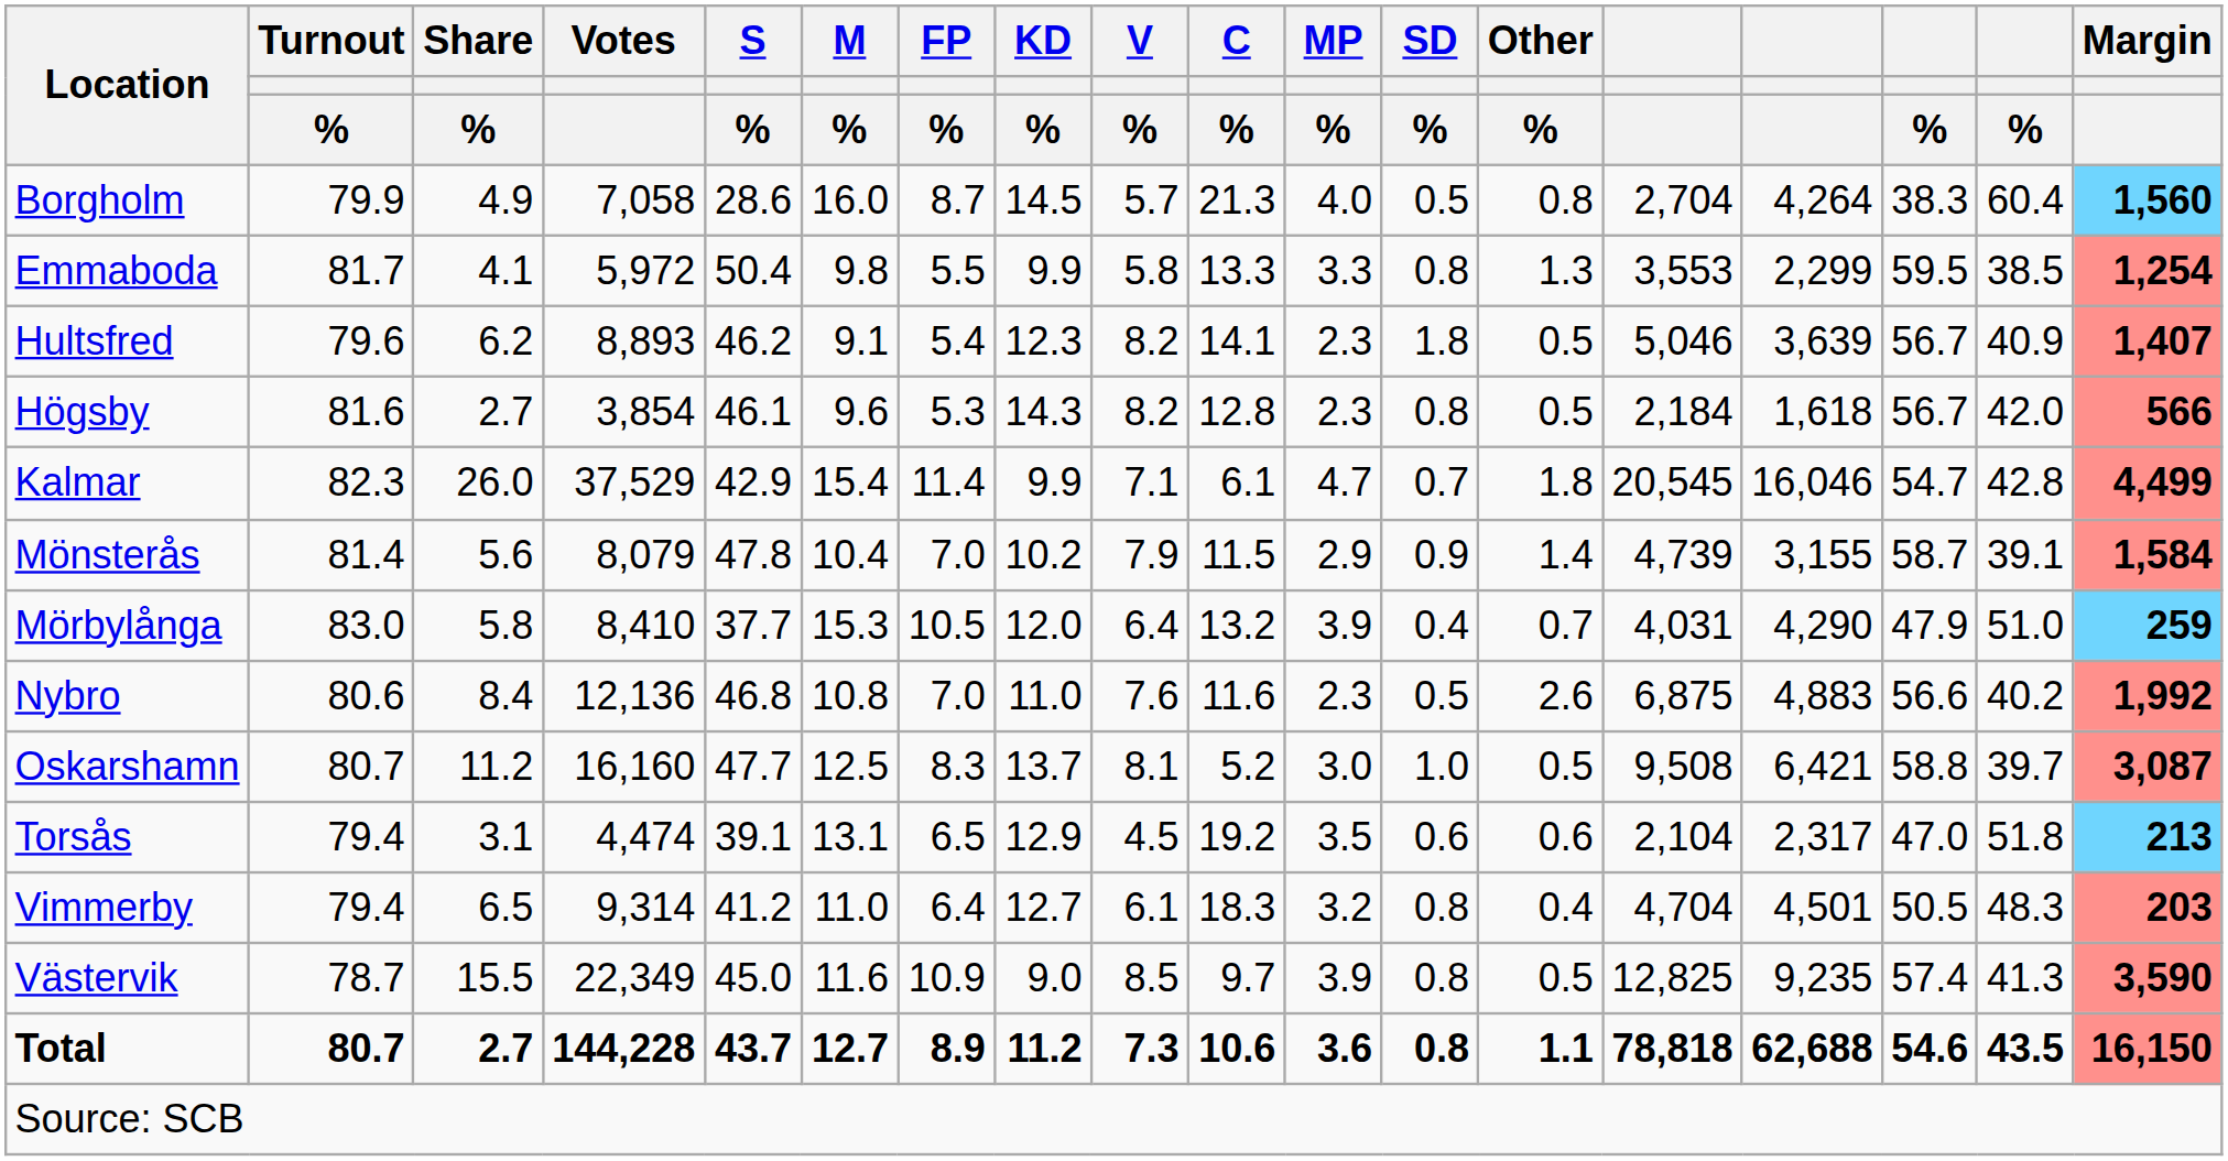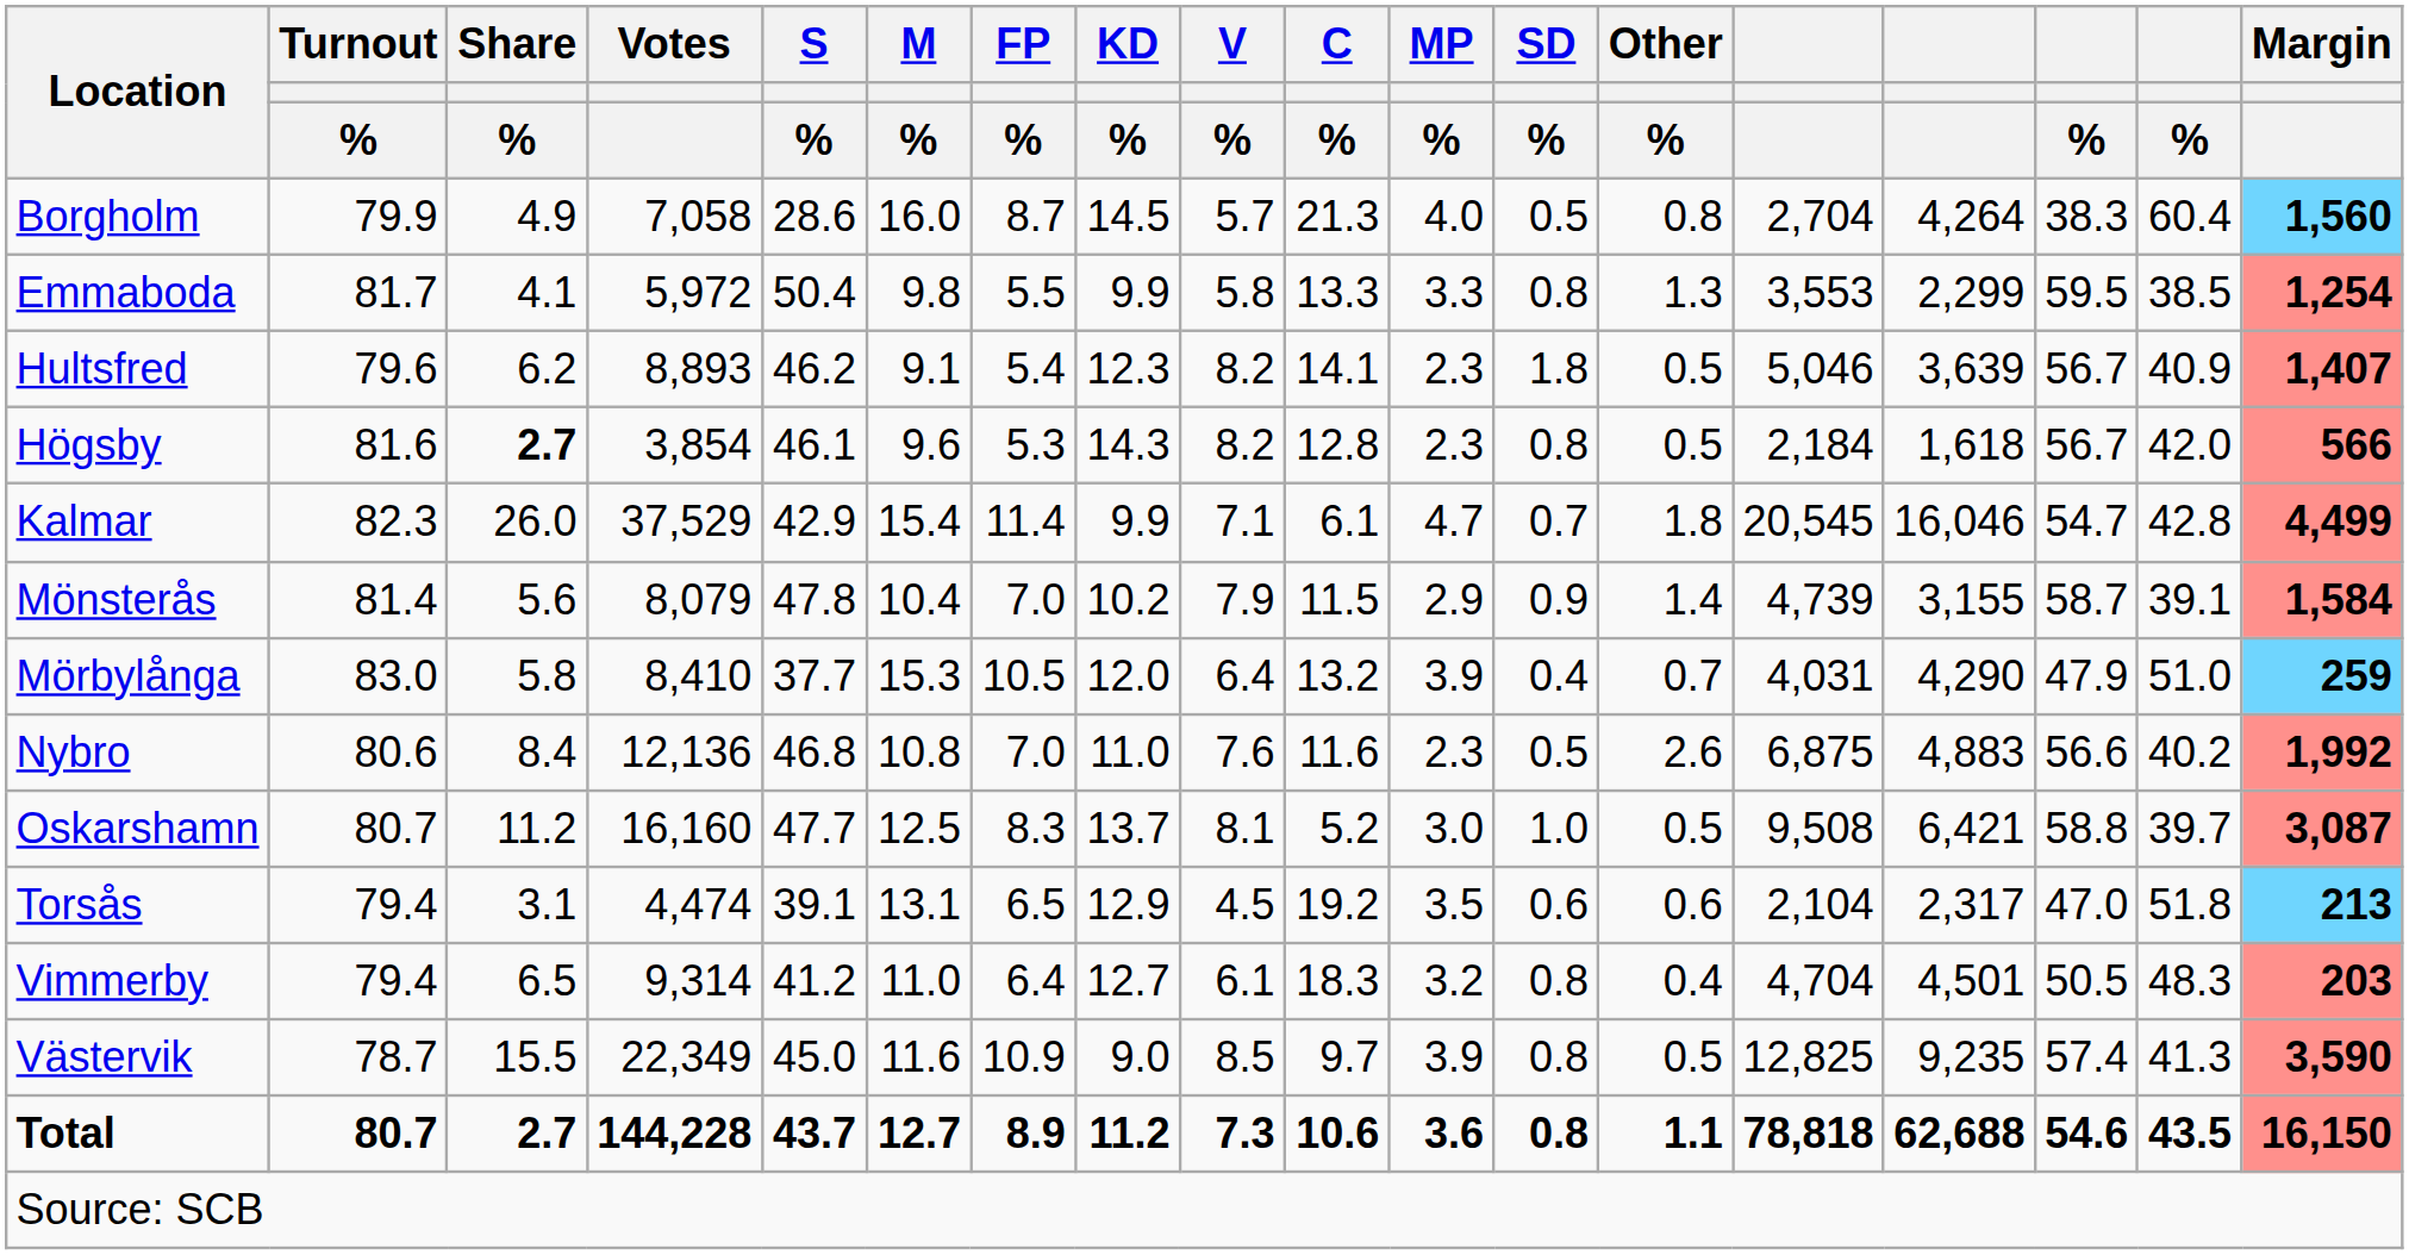 <table class="wikitable sortable" style="text-align:right; font-size:95%; line-height:20px;">
 <tr>
 <th rowspan="3">Location</th>
 <th>Turnout</th>
 <th>Share</th>
 <th>Votes</th>
 <th width="30px" class="unsortable"><a href='#'>S</a></th>
 <th width="30px" class="unsortable"><a href='#'>M</a></th>
 <th width="30px" class="unsortable"><a href='#'>FP</a></th>
 <th width="30px" class="unsortable"><a href='#'>KD</a></th>
 <th width="30px" class="unsortable"><a href='#'>V</a></th>
 <th width="30px" class="unsortable"><a href='#'>C</a></th>
 <th width="30px" class="unsortable"><a href='#'>MP</a></th>
 <th width="30px" class="unsortable"><a href='#'>SD</a></th>
 <th width="30px" class="unsortable">Other</th>
 <th></th>
 <th></th>
 <th></th>
 <th></th>
 <th>Margin</th>
 </tr>
 <tr>
 <th></th>
 <th></th>
 <th></th>
 <th style="background:"></th>
 <th style="background:"></th>
 <th style="background:"></th>
 <th style="background:"></th>
 <th style="background:"></th>
 <th style="background:"></th>
 <th style="background:"></th>
 <th style="background:"></th>
 <th style="background:"></th>
 <th style="background:"></th>
 <th style="background:"></th>
 <th style="background:"></th>
 <th style="background:"></th>
 <th></th>
 </tr>
 <tr>
 <th data-sort-type="number">%</th>
 <th data-sort-type="number">%</th>
 <th></th>
 <th data-sort-type="number">%</th>
 <th data-sort-type="number">%</th>
 <th data-sort-type="number">%</th>
 <th data-sort-type="number">%</th>
 <th data-sort-type="number">%</th>
 <th data-sort-type="number">%</th>
 <th data-sort-type="number">%</th>
 <th data-sort-type="number">%</th>
 <th data-sort-type="number">%</th>
 <th data-sort-type="number"></th>
 <th data-sort-type="number"></th>
 <th data-sort-type="number">%</th>
 <th data-sort-type="number">%</th>
 <th data-sort-type="number"></th>
 </tr>
 <tr>
 <td align=left><a href='#'>Borgholm</a></td>
 <td>79.9</td>
 <td>4.9</td>
 <td>7,058</td>
 <td>28.6</td>
 <td>16.0</td>
 <td>8.7</td>
 <td>14.5</td>
 <td>5.7</td>
 <td>21.3</td>
 <td>4.0</td>
 <td>0.5</td>
 <td>0.8</td>
 <td>2,704</td>
 <td>4,264</td>
 <td>38.3</td>
 <td>60.4</td>
 <td bgcolor=#6fd5fe><strong>1,560</strong></td>
 </tr>
 <tr>
 <td align=left><a href='#'>Emmaboda</a></td>
 <td>81.7</td>
 <td>4.1</td>
 <td>5,972</td>
 <td>50.4</td>
 <td>9.8</td>
 <td>5.5</td>
 <td>9.9</td>
 <td>5.8</td>
 <td>13.3</td>
 <td>3.3</td>
 <td>0.8</td>
 <td>1.3</td>
 <td>3,553</td>
 <td>2,299</td>
 <td>59.5</td>
 <td>38.5</td>
 <td bgcolor=#ff908c><strong>1,254</strong></td>
 </tr>
 <tr>
 <td align=left><a href='#'>Hultsfred</a></td>
 <td>79.6</td>
 <td>6.2</td>
 <td>8,893</td>
 <td>46.2</td>
 <td>9.1</td>
 <td>5.4</td>
 <td>12.3</td>
 <td>8.2</td>
 <td>14.1</td>
 <td>2.3</td>
 <td>1.8</td>
 <td>0.5</td>
 <td>5,046</td>
 <td>3,639</td>
 <td>56.7</td>
 <td>40.9</td>
 <td bgcolor=#ff908c><strong>1,407</strong></td>
 </tr>
 <tr>
 <td align=left><a href='#'>Högsby</a></td>
 <td>81.6</td>
-<td>2.7</td>
+<td><strong>2.7</strong></td>
 <td>3,854</td>
 <td>46.1</td>
 <td>9.6</td>
 <td>5.3</td>
 <td>14.3</td>
 <td>8.2</td>
 <td>12.8</td>
 <td>2.3</td>
 <td>0.8</td>
 <td>0.5</td>
 <td>2,184</td>
 <td>1,618</td>
 <td>56.7</td>
 <td>42.0</td>
 <td bgcolor=#ff908c><strong>566</strong></td>
 </tr>
 <tr>
 <td align=left><a href='#'>Kalmar</a></td>
 <td>82.3</td>
 <td>26.0</td>
 <td>37,529</td>
 <td>42.9</td>
 <td>15.4</td>
 <td>11.4</td>
 <td>9.9</td>
 <td>7.1</td>
 <td>6.1</td>
 <td>4.7</td>
 <td>0.7</td>
 <td>1.8</td>
 <td>20,545</td>
 <td>16,046</td>
 <td>54.7</td>
 <td>42.8</td>
 <td bgcolor=#ff908c><strong>4,499</strong></td>
 </tr>
 <tr>
 <td align=left><a href='#'>Mönsterås</a></td>
 <td>81.4</td>
 <td>5.6</td>
 <td>8,079</td>
 <td>47.8</td>
 <td>10.4</td>
 <td>7.0</td>
 <td>10.2</td>
 <td>7.9</td>
 <td>11.5</td>
 <td>2.9</td>
 <td>0.9</td>
 <td>1.4</td>
 <td>4,739</td>
 <td>3,155</td>
 <td>58.7</td>
 <td>39.1</td>
 <td bgcolor=#ff908c><strong>1,584</strong></td>
 </tr>
 <tr>
 <td align=left><a href='#'>Mörbylånga</a></td>
 <td>83.0</td>
 <td>5.8</td>
 <td>8,410</td>
 <td>37.7</td>
 <td>15.3</td>
 <td>10.5</td>
 <td>12.0</td>
 <td>6.4</td>
 <td>13.2</td>
 <td>3.9</td>
 <td>0.4</td>
 <td>0.7</td>
 <td>4,031</td>
 <td>4,290</td>
 <td>47.9</td>
 <td>51.0</td>
 <td bgcolor=#6fd5fe><strong>259</strong></td>
 </tr>
 <tr>
 <td align=left><a href='#'>Nybro</a></td>
 <td>80.6</td>
 <td>8.4</td>
 <td>12,136</td>
 <td>46.8</td>
 <td>10.8</td>
 <td>7.0</td>
 <td>11.0</td>
 <td>7.6</td>
 <td>11.6</td>
 <td>2.3</td>
 <td>0.5</td>
 <td>2.6</td>
 <td>6,875</td>
 <td>4,883</td>
 <td>56.6</td>
 <td>40.2</td>
 <td bgcolor=#ff908c><strong>1,992</strong></td>
 </tr>
 <tr>
 <td align=left><a href='#'>Oskarshamn</a></td>
 <td>80.7</td>
 <td>11.2</td>
 <td>16,160</td>
 <td>47.7</td>
 <td>12.5</td>
 <td>8.3</td>
 <td>13.7</td>
 <td>8.1</td>
 <td>5.2</td>
 <td>3.0</td>
 <td>1.0</td>
 <td>0.5</td>
 <td>9,508</td>
 <td>6,421</td>
 <td>58.8</td>
 <td>39.7</td>
 <td bgcolor=#ff908c><strong>3,087</strong></td>
 </tr>
 <tr>
 <td align=left><a href='#'>Torsås</a></td>
 <td>79.4</td>
 <td>3.1</td>
 <td>4,474</td>
 <td>39.1</td>
 <td>13.1</td>
 <td>6.5</td>
 <td>12.9</td>
 <td>4.5</td>
 <td>19.2</td>
 <td>3.5</td>
 <td>0.6</td>
 <td>0.6</td>
 <td>2,104</td>
 <td>2,317</td>
 <td>47.0</td>
 <td>51.8</td>
 <td bgcolor=#6fd5fe><strong>213</strong></td>
 </tr>
 <tr>
 <td align=left><a href='#'>Vimmerby</a></td>
 <td>79.4</td>
 <td>6.5</td>
 <td>9,314</td>
 <td>41.2</td>
 <td>11.0</td>
 <td>6.4</td>
 <td>12.7</td>
 <td>6.1</td>
 <td>18.3</td>
 <td>3.2</td>
 <td>0.8</td>
 <td>0.4</td>
 <td>4,704</td>
 <td>4,501</td>
 <td>50.5</td>
 <td>48.3</td>
 <td bgcolor=#ff908c><strong>203</strong></td>
 </tr>
 <tr>
 <td align=left><a href='#'>Västervik</a></td>
 <td>78.7</td>
 <td>15.5</td>
 <td>22,349</td>
 <td>45.0</td>
 <td>11.6</td>
 <td>10.9</td>
 <td>9.0</td>
 <td>8.5</td>
 <td>9.7</td>
 <td>3.9</td>
 <td>0.8</td>
 <td>0.5</td>
 <td>12,825</td>
 <td>9,235</td>
 <td>57.4</td>
 <td>41.3</td>
 <td bgcolor=#ff908c><strong>3,590</strong></td>
 </tr>
 <tr>
 <td align=left><strong>Total</strong></td>
 <td><strong>80.7</strong></td>
 <td><strong>2.7</strong></td>
 <td><strong>144,228</strong></td>
 <td><strong>43.7</strong></td>
 <td><strong>12.7</strong></td>
 <td><strong>8.9</strong></td>
 <td><strong>11.2</strong></td>
 <td><strong>7.3</strong></td>
 <td><strong>10.6</strong></td>
 <td><strong>3.6</strong></td>
 <td><strong>0.8</strong></td>
 <td><strong>1.1</strong></td>
 <td><strong>78,818</strong></td>
 <td><strong>62,688</strong></td>
 <td><strong>54.6</strong></td>
 <td><strong>43.5</strong></td>
 <td bgcolor=#ff908c><strong>16,150</strong></td>
 </tr>
 <tr>
 <td align=left colspan=18>Source: SCB </td>
 </tr>
 </table>
